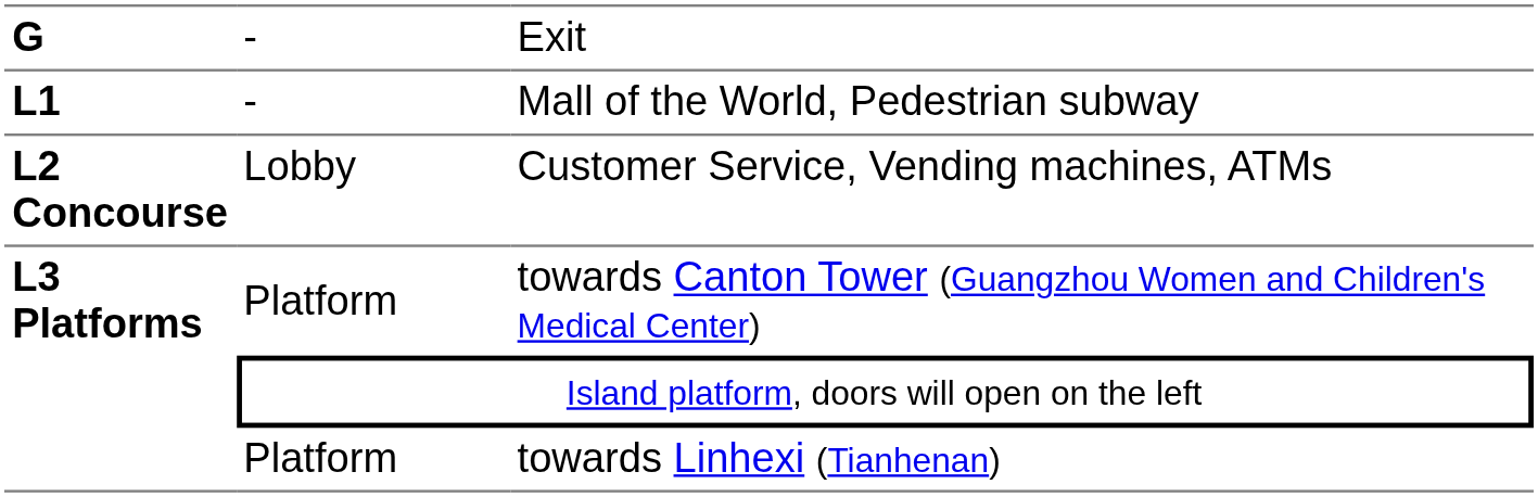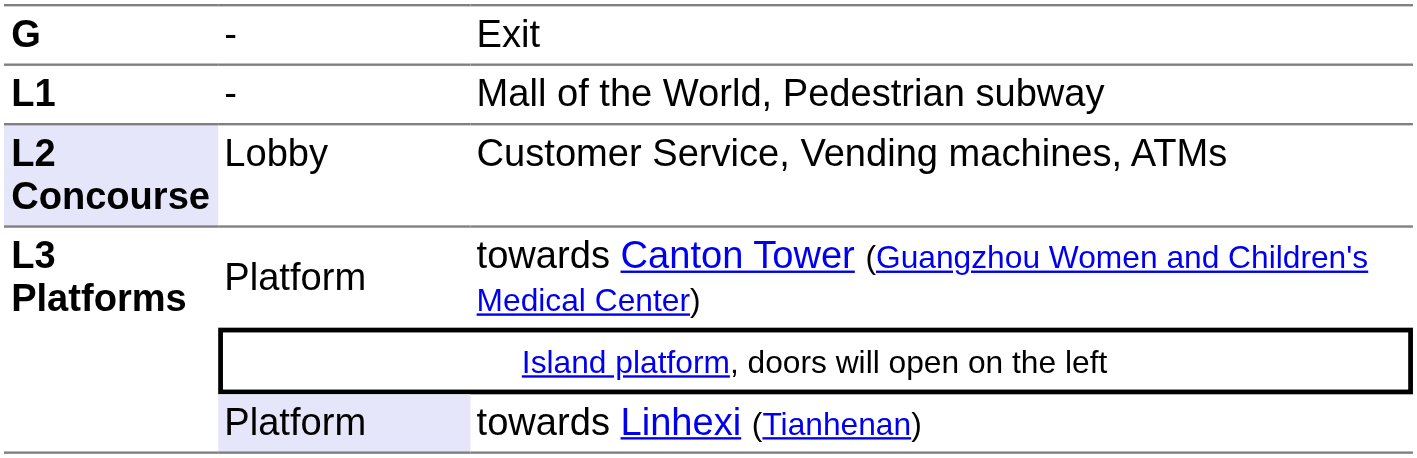 <table table border=0 cellspacing=0 cellpadding=3>
 <tr>
 <td style="border-top:solid 1px gray;" width=50 valign=top><strong>G</strong></td>
 <td style="border-top:solid 1px gray;" width=100 valign=top>-</td>
 <td style="border-top:solid 1px gray;" width=390 valign=top>Exit</td>
 </tr>
 <tr>
 <td style="border-top:solid 1px gray;" width=50 valign=top><strong>L1</strong></td>
 <td style="border-top:solid 1px gray;" width=100 valign=top>-</td>
 <td style="border-top:solid 1px gray;" width=390 valign=top>Mall of the World, Pedestrian subway</td>
 </tr>
 <tr>
-<td style="border-bottom:solid 1px gray; border-top:solid 1px gray;" valign=top width=50><strong>L2<br>Concourse</strong></td>
+<td style="background: lavender; border-bottom:solid 1px gray; border-top:solid 1px gray;" valign=top width=50><strong>L2<br>Concourse</strong></td>
 <td style="border-bottom:solid 1px gray; border-top:solid 1px gray;" valign=top width=100>Lobby</td>
 <td style="border-bottom:solid 1px gray; border-top:solid 1px gray;" valign=top width=390>Customer Service, Vending machines, ATMs</td>
 </tr>
 <tr>
 <td style="border-bottom:solid 1px gray;" width=50 valign=top rowspan=3><strong>L3<br>Platforms</strong></td>
 <td>Platform </td>
 <td>  towards <a href='#'>Canton Tower</a> <small>(<a href='#'>Guangzhou Women and Children's Medical Center</a>)</small></td>
 </tr>
 <tr>
 <td style="border-right:solid 2px black;border-left:solid 2px black;border-top:solid 2px black;border-bottom:solid 2px black;text-align:center;" colspan=2><small><a href='#'>Island platform</a>, doors will open on the left</small></td>
 </tr>
 <tr>
-<td style="border-bottom:solid 1px gray;">Platform </td>
+<td style="background: lavender; border-bottom:solid 1px gray;">Platform </td>
 <td style="border-bottom:solid 1px gray;"> towards <a href='#'>Linhexi</a> <small>(<a href='#'>Tianhenan</a>)</small> </td>
 </tr>
 </table>
